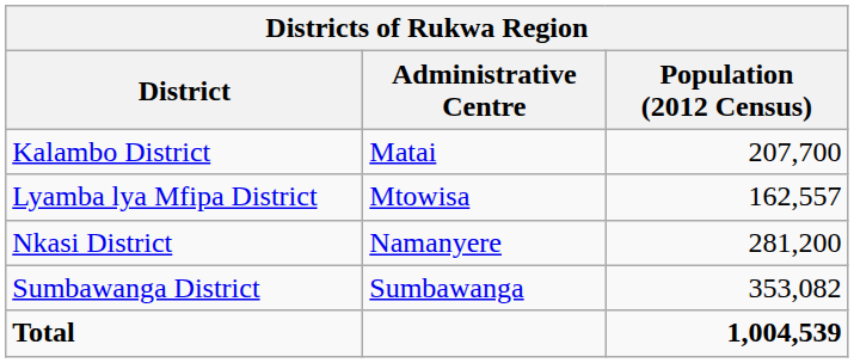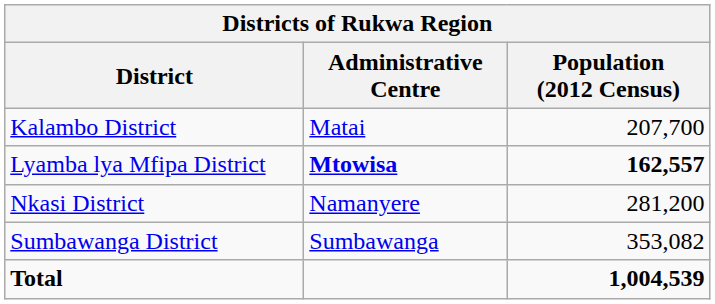 <table class="wikitable">
 <tr>
 <th colspan="4">Districts of Rukwa Region</th>
 </tr>
 <tr style="text-align:center;">
 <th style="width: 12em">District</th>
 <th style="width: 8em">Administrative<br>Centre</th>
 <th style="width: 8em">Population<br>(2012 Census)</th>
 </tr>
 <tr>
 <td><a href='#'>Kalambo District</a></td>
 <td><a href='#'>Matai</a></td>
 <td style="text-align:right;">207,700</td>
 </tr>
 <tr>
 <td><a href='#'>Lyamba lya Mfipa District</a></td>
-<td><a href='#'>Mtowisa</a></td>
-<td style="text-align:right;">162,557</td>
+<td><strong><a href='#'>Mtowisa</a></strong></td>
+<td style="text-align:right;"><strong>162,557</strong></td>
 </tr>
 <tr>
 <td><a href='#'>Nkasi District</a></td>
 <td><a href='#'>Namanyere</a></td>
 <td style="text-align:right;">281,200</td>
 </tr>
 <tr>
 <td><a href='#'>Sumbawanga District</a></td>
 <td><a href='#'>Sumbawanga</a></td>
 <td style="text-align:right;">353,082</td>
 </tr>
 <tr>
 <td><strong>Total</strong></td>
 <td> </td>
 <td style="text-align:right;"><strong>1,004,539</strong></td>
 </tr>
 </table>
